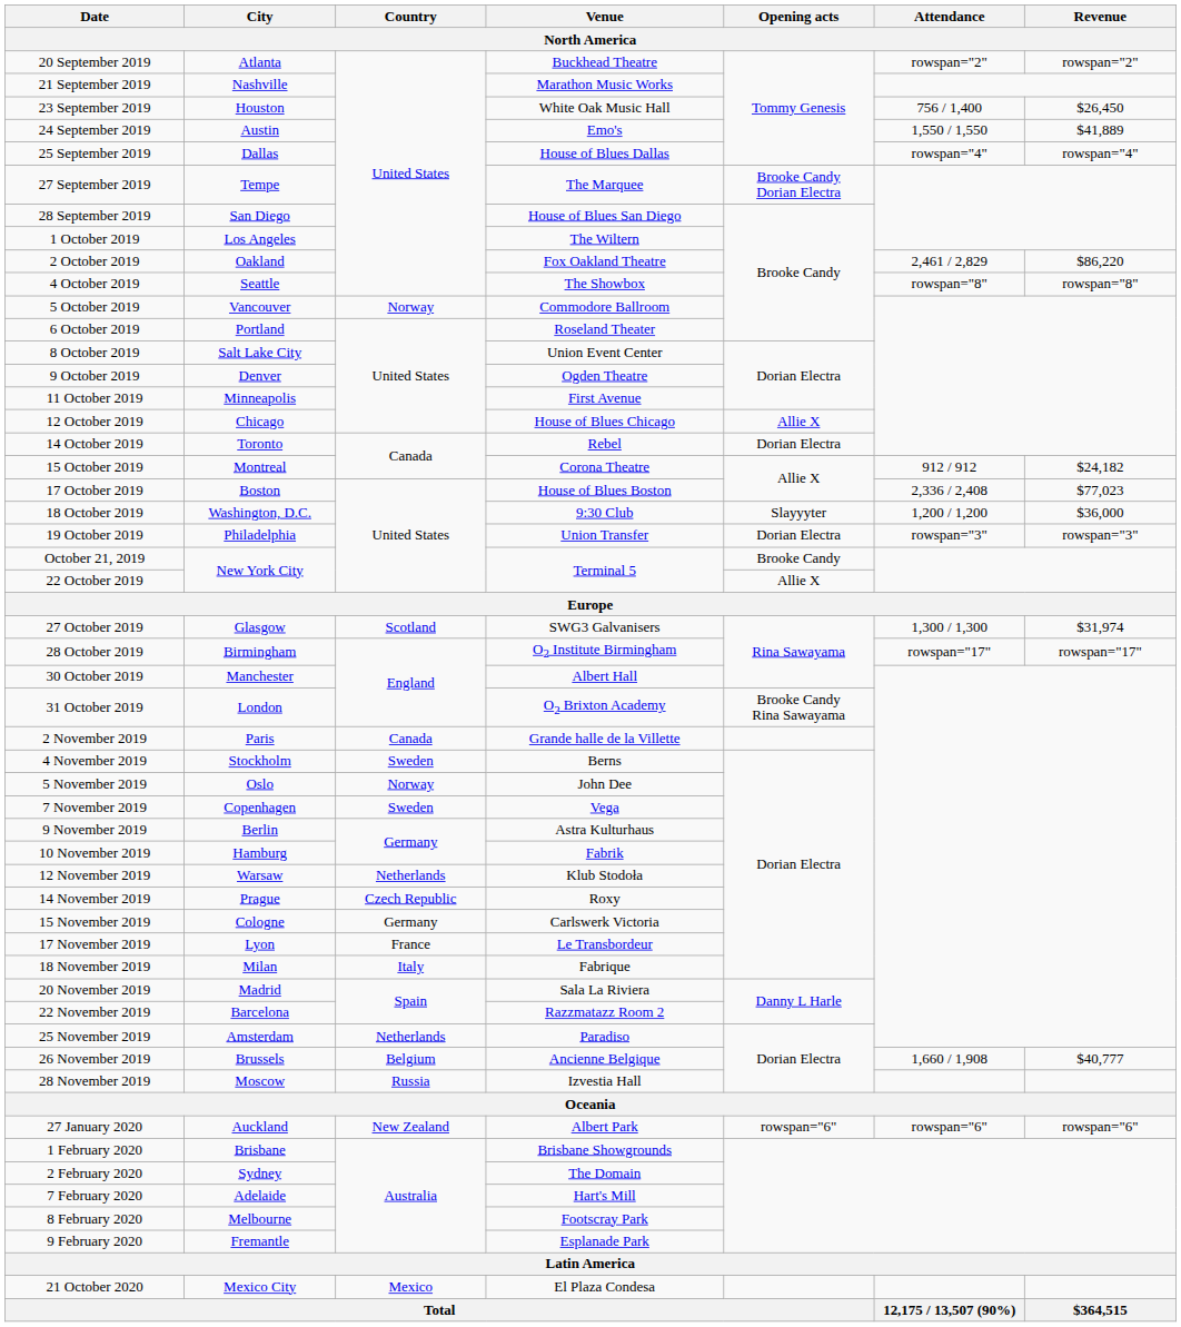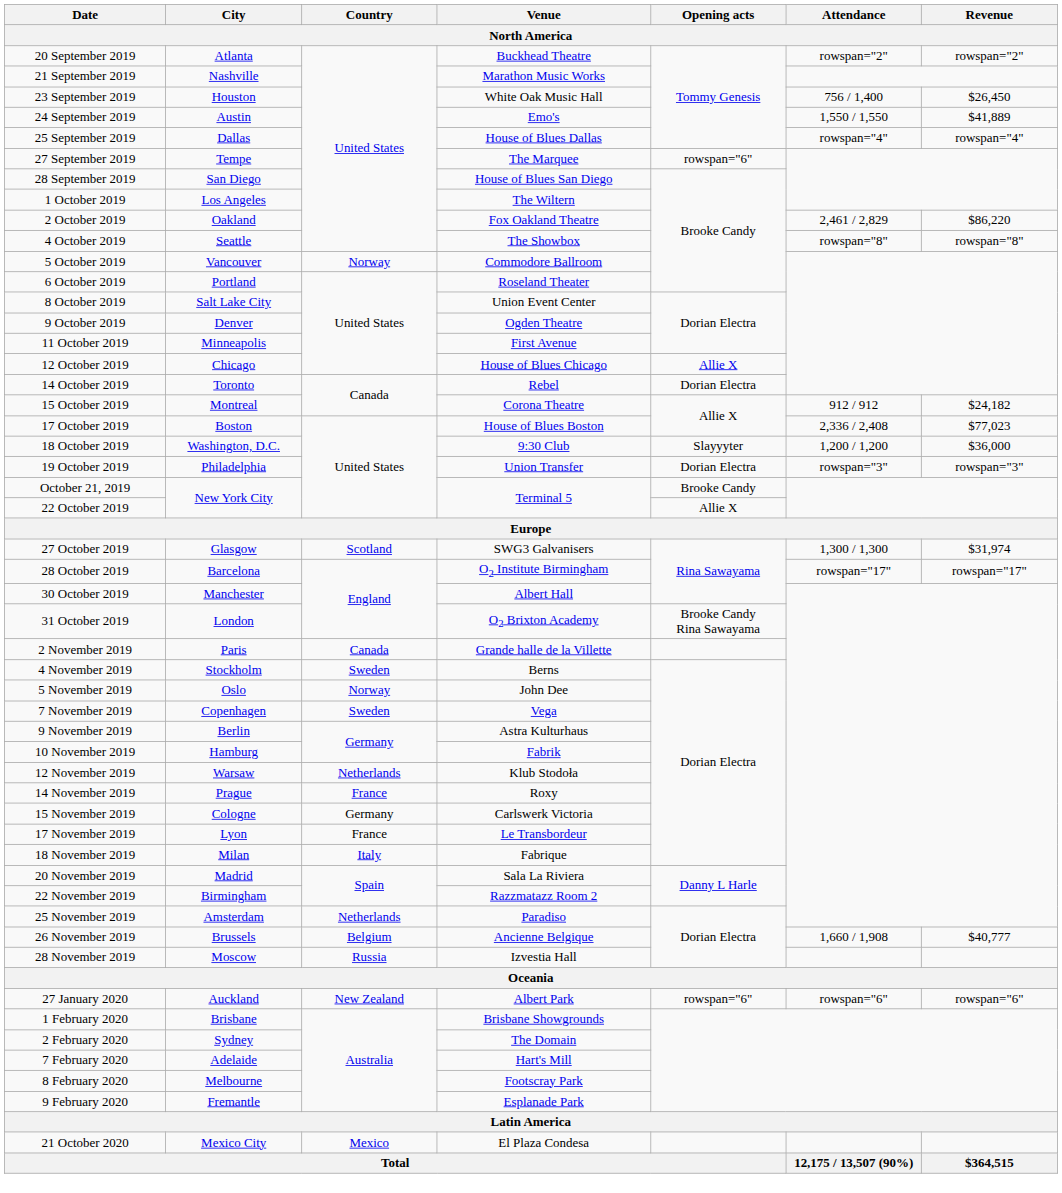 <table class="wikitable plainrowheaders" style="text-align:center;">
 <tr>
 <th scope="col" style="width:12em;">Date</th>
 <th scope="col" style="width:10em;">City</th>
 <th scope="col" style="width:10em;">Country</th>
 <th scope="col" style="width:16em;">Venue</th>
 <th scope="col" style="width:10em;">Opening acts</th>
 <th scope="col" style="width:10em;">Attendance</th>
 <th scope="col" style="width:10em;">Revenue</th>
 </tr>
 <tr>
 <th colspan="7">North America</th>
 </tr>
 <tr>
 <td scope="row" style="text-align:center;">20 September 2019</td>
 <td><a href='#'>Atlanta</a></td>
 <td rowspan="10"><a href='#'>United States</a></td>
 <td><a href='#'>Buckhead Theatre</a></td>
 <td rowspan="5"><a href='#'>Tommy Genesis</a></td>
 <td>rowspan="2" </td>
 <td>rowspan="2" </td>
 </tr>
 <tr>
 <td scope="row" style="text-align:center;">21 September 2019</td>
 <td><a href='#'>Nashville</a></td>
 <td><a href='#'>Marathon Music Works</a></td>
 </tr>
 <tr>
 <td scope="row" style="text-align:center;">23 September 2019</td>
 <td><a href='#'>Houston</a></td>
 <td>White Oak Music Hall</td>
 <td>756 / 1,400</td>
 <td>$26,450</td>
 </tr>
 <tr>
 <td scope="row" style="text-align:center;">24 September 2019</td>
 <td><a href='#'>Austin</a></td>
 <td><a href='#'>Emo's</a></td>
 <td rowspan="1">1,550 / 1,550</td>
 <td rowspan="1">$41,889</td>
 </tr>
 <tr>
 <td scope="row" style="text-align:center;">25 September 2019</td>
 <td><a href='#'>Dallas</a></td>
 <td><a href='#'>House of Blues Dallas</a></td>
 <td>rowspan="4" </td>
 <td>rowspan="4" </td>
 </tr>
 <tr>
 <td scope="row" style="text-align:center;">27 September 2019</td>
 <td><a href='#'>Tempe</a></td>
 <td><a href='#'>The Marquee</a></td>
-<td><a href='#'>Brooke Candy</a><br><a href='#'>Dorian Electra</a></td>
+<td>rowspan="6" </td>
 </tr>
 <tr>
 <td scope="row" style="text-align:center;">28 September 2019</td>
 <td><a href='#'>San Diego</a></td>
 <td><a href='#'>House of Blues San Diego</a></td>
 <td rowspan="6">Brooke Candy</td>
 </tr>
 <tr>
 <td scope="row" style="text-align:center;">1 October 2019</td>
 <td><a href='#'>Los Angeles</a></td>
 <td><a href='#'>The Wiltern</a></td>
 </tr>
 <tr>
 <td scope="row" style="text-align:center;">2 October 2019</td>
 <td><a href='#'>Oakland</a></td>
 <td><a href='#'>Fox Oakland Theatre</a></td>
 <td>2,461 / 2,829</td>
 <td>$86,220</td>
 </tr>
 <tr>
 <td scope="row" style="text-align:center;">4 October 2019</td>
 <td><a href='#'>Seattle</a></td>
 <td><a href='#'>The Showbox</a></td>
 <td>rowspan="8" </td>
 <td>rowspan="8" </td>
 </tr>
 <tr>
 <td scope="row" style="text-align:center;">5 October 2019</td>
 <td><a href='#'>Vancouver</a></td>
 <td><a href='#'>Norway</a></td>
 <td><a href='#'>Commodore Ballroom</a></td>
 </tr>
 <tr>
 <td scope="row" style="text-align:center;">6 October 2019</td>
 <td><a href='#'>Portland</a></td>
 <td rowspan="5">United States</td>
 <td><a href='#'>Roseland Theater</a></td>
 </tr>
 <tr>
 <td scope="row" style="text-align:center;">8 October 2019</td>
 <td><a href='#'>Salt Lake City</a></td>
 <td>Union Event Center</td>
 <td rowspan="3">Dorian Electra</td>
 </tr>
 <tr>
 <td scope="row" style="text-align:center;">9 October 2019</td>
 <td><a href='#'>Denver</a></td>
 <td><a href='#'>Ogden Theatre</a></td>
 </tr>
 <tr>
 <td scope="row" style="text-align:center;">11 October 2019</td>
 <td><a href='#'>Minneapolis</a></td>
 <td><a href='#'>First Avenue</a></td>
 </tr>
 <tr>
 <td scope="row" style="text-align:center;">12 October 2019</td>
 <td><a href='#'>Chicago</a></td>
 <td><a href='#'>House of Blues Chicago</a></td>
 <td><a href='#'>Allie X</a></td>
 </tr>
 <tr>
 <td scope="row" style="text-align:center;">14 October 2019</td>
 <td><a href='#'>Toronto</a></td>
 <td rowspan="2">Canada</td>
 <td><a href='#'>Rebel</a></td>
 <td>Dorian Electra</td>
 </tr>
 <tr>
 <td scope="row" style="text-align:center;">15 October 2019</td>
 <td><a href='#'>Montreal</a></td>
 <td><a href='#'>Corona Theatre</a></td>
 <td rowspan="2">Allie X</td>
 <td>912 / 912</td>
 <td>$24,182</td>
 </tr>
 <tr>
 <td scope="row" style="text-align:center;">17 October 2019</td>
 <td><a href='#'>Boston</a></td>
 <td rowspan="5">United States</td>
 <td><a href='#'>House of Blues Boston</a></td>
 <td>2,336 / 2,408</td>
 <td>$77,023</td>
 </tr>
 <tr>
 <td scope="row" style="text-align:center;">18 October 2019</td>
 <td><a href='#'>Washington, D.C.</a></td>
 <td><a href='#'>9:30 Club</a></td>
 <td>Slayyyter</td>
 <td>1,200 / 1,200</td>
 <td>$36,000</td>
 </tr>
 <tr>
 <td scope="row" style="text-align:center;">19 October 2019</td>
 <td><a href='#'>Philadelphia</a></td>
 <td><a href='#'>Union Transfer</a></td>
 <td>Dorian Electra</td>
 <td>rowspan="3" </td>
 <td>rowspan="3" </td>
 </tr>
 <tr>
 <td>October 21, 2019</td>
 <td rowspan="2"><a href='#'>New York City</a></td>
 <td rowspan="2"><a href='#'>Terminal 5</a></td>
 <td>Brooke Candy</td>
 </tr>
 <tr>
 <td>22 October 2019</td>
 <td>Allie X</td>
 </tr>
 <tr>
 <th colspan="7">Europe</th>
 </tr>
 <tr>
 <td scope="row" style="text-align:center;">27 October 2019</td>
 <td><a href='#'>Glasgow</a></td>
 <td><a href='#'>Scotland</a></td>
 <td>SWG3 Galvanisers</td>
 <td rowspan="3"><a href='#'>Rina Sawayama</a></td>
 <td>1,300 / 1,300</td>
 <td>$31,974</td>
 </tr>
 <tr>
 <td scope="row" style="text-align:center;">28 October 2019</td>
-<td><a href='#'>Birmingham</a></td>
+<td><a href='#'>Barcelona</a></td>
 <td rowspan="3"><a href='#'>England</a></td>
 <td><a href='#'>O<sub>2</sub> Institute Birmingham</a></td>
 <td>rowspan="17" </td>
 <td>rowspan="17" </td>
 </tr>
 <tr>
 <td scope="row" style="text-align:center;">30 October 2019</td>
 <td><a href='#'>Manchester</a></td>
 <td><a href='#'>Albert Hall</a></td>
 </tr>
 <tr>
 <td scope="row" style="text-align:center;">31 October 2019</td>
 <td><a href='#'>London</a></td>
 <td><a href='#'>O<sub>2</sub> Brixton Academy</a></td>
 <td>Brooke Candy<br>Rina Sawayama</td>
 </tr>
 <tr>
 <td scope="row" style="text-align:center;">2 November 2019</td>
 <td><a href='#'>Paris</a></td>
 <td><a href='#'>Canada</a></td>
 <td><a href='#'>Grande halle de la Villette</a></td>
 <td></td>
 </tr>
 <tr>
 <td scope="row" style="text-align:center;">4 November 2019</td>
 <td><a href='#'>Stockholm</a></td>
 <td><a href='#'>Sweden</a></td>
 <td>Berns</td>
 <td rowspan="10">Dorian Electra</td>
 </tr>
 <tr>
 <td scope="row" style="text-align:center;">5 November 2019</td>
 <td><a href='#'>Oslo</a></td>
 <td><a href='#'>Norway</a></td>
 <td>John Dee</td>
 </tr>
 <tr>
 <td scope="row" style="text-align:center;">7 November 2019</td>
 <td><a href='#'>Copenhagen</a></td>
 <td><a href='#'>Sweden</a></td>
 <td><a href='#'>Vega</a></td>
 </tr>
 <tr>
 <td scope="row" style="text-align:center;">9 November 2019</td>
 <td><a href='#'>Berlin</a></td>
 <td rowspan="2"><a href='#'>Germany</a></td>
 <td>Astra Kulturhaus</td>
 </tr>
 <tr>
 <td scope="row" style="text-align:center;">10 November 2019</td>
 <td><a href='#'>Hamburg</a></td>
 <td><a href='#'>Fabrik</a></td>
 </tr>
 <tr>
 <td scope="row" style="text-align:center;">12 November 2019</td>
 <td><a href='#'>Warsaw</a></td>
 <td><a href='#'>Netherlands</a></td>
 <td>Klub Stodoła</td>
 </tr>
 <tr>
 <td scope="row" style="text-align:center;">14 November 2019</td>
 <td><a href='#'>Prague</a></td>
-<td><a href='#'>Czech Republic</a></td>
+<td><a href='#'>France</a></td>
 <td>Roxy</td>
 </tr>
 <tr>
 <td scope="row" style="text-align:center;">15 November 2019</td>
 <td><a href='#'>Cologne</a></td>
 <td>Germany</td>
 <td>Carlswerk Victoria</td>
 </tr>
 <tr>
 <td scope="row" style="text-align:center;">17 November 2019</td>
 <td><a href='#'>Lyon</a></td>
 <td>France</td>
 <td><a href='#'>Le Transbordeur</a></td>
 </tr>
 <tr>
 <td scope="row" style="text-align:center;">18 November 2019</td>
 <td><a href='#'>Milan</a></td>
 <td><a href='#'>Italy</a></td>
 <td>Fabrique</td>
 </tr>
 <tr>
 <td scope="row" style="text-align:center;">20 November 2019</td>
 <td><a href='#'>Madrid</a></td>
 <td rowspan="2"><a href='#'>Spain</a></td>
 <td>Sala La Riviera</td>
 <td rowspan="2"><a href='#'>Danny L Harle</a></td>
 </tr>
 <tr>
 <td scope="row" style="text-align:center;">22 November 2019</td>
-<td><a href='#'>Barcelona</a></td>
+<td><a href='#'>Birmingham</a></td>
 <td><a href='#'>Razzmatazz Room 2</a></td>
 </tr>
 <tr>
 <td scope="row" style="text-align:center;">25 November 2019</td>
 <td><a href='#'>Amsterdam</a></td>
 <td><a href='#'>Netherlands</a></td>
 <td><a href='#'>Paradiso</a></td>
 <td rowspan="3">Dorian Electra</td>
 </tr>
 <tr>
 <td scope="row" style="text-align:center;">26 November 2019</td>
 <td><a href='#'>Brussels</a></td>
 <td><a href='#'>Belgium</a></td>
 <td><a href='#'>Ancienne Belgique</a></td>
 <td rowspan="1">1,660 / 1,908</td>
 <td rowspan="1">$40,777</td>
 </tr>
 <tr>
 <td scope="row" style="text-align:center;">28 November 2019</td>
 <td><a href='#'>Moscow</a></td>
 <td><a href='#'>Russia</a></td>
 <td>Izvestia Hall</td>
 <td></td>
 <td></td>
 </tr>
 <tr>
 <th colspan="7">Oceania</th>
 </tr>
 <tr>
 <td>27 January 2020</td>
 <td><a href='#'>Auckland</a></td>
 <td><a href='#'>New Zealand</a></td>
 <td><a href='#'>Albert Park</a></td>
 <td>rowspan="6" </td>
 <td>rowspan="6" </td>
 <td>rowspan="6" </td>
 </tr>
 <tr>
 <td>1 February 2020</td>
 <td><a href='#'>Brisbane</a></td>
 <td rowspan="5"><a href='#'>Australia</a></td>
 <td><a href='#'>Brisbane Showgrounds</a></td>
 </tr>
 <tr>
 <td>2 February 2020</td>
 <td><a href='#'>Sydney</a></td>
 <td><a href='#'>The Domain</a></td>
 </tr>
 <tr>
 <td>7 February 2020</td>
 <td><a href='#'>Adelaide</a></td>
 <td><a href='#'>Hart's Mill</a></td>
 </tr>
 <tr>
 <td>8 February 2020</td>
 <td><a href='#'>Melbourne</a></td>
 <td><a href='#'>Footscray Park</a></td>
 </tr>
 <tr>
 <td>9 February 2020</td>
 <td><a href='#'>Fremantle</a></td>
 <td><a href='#'>Esplanade Park</a></td>
 </tr>
 <tr>
 <th colspan="7">Latin America</th>
 </tr>
 <tr>
 <td>21 October 2020</td>
 <td><a href='#'>Mexico City</a></td>
 <td><a href='#'>Mexico</a></td>
 <td>El Plaza Condesa</td>
 <td></td>
 <td></td>
 <td></td>
 </tr>
 <tr>
 <th colspan="5">Total</th>
 <th scope="row" style="text-align:center;">12,175 / 13,507 (90%)</th>
 <th scope="row" style="text-align:center;">$364,515</th>
 </tr>
 </table>
